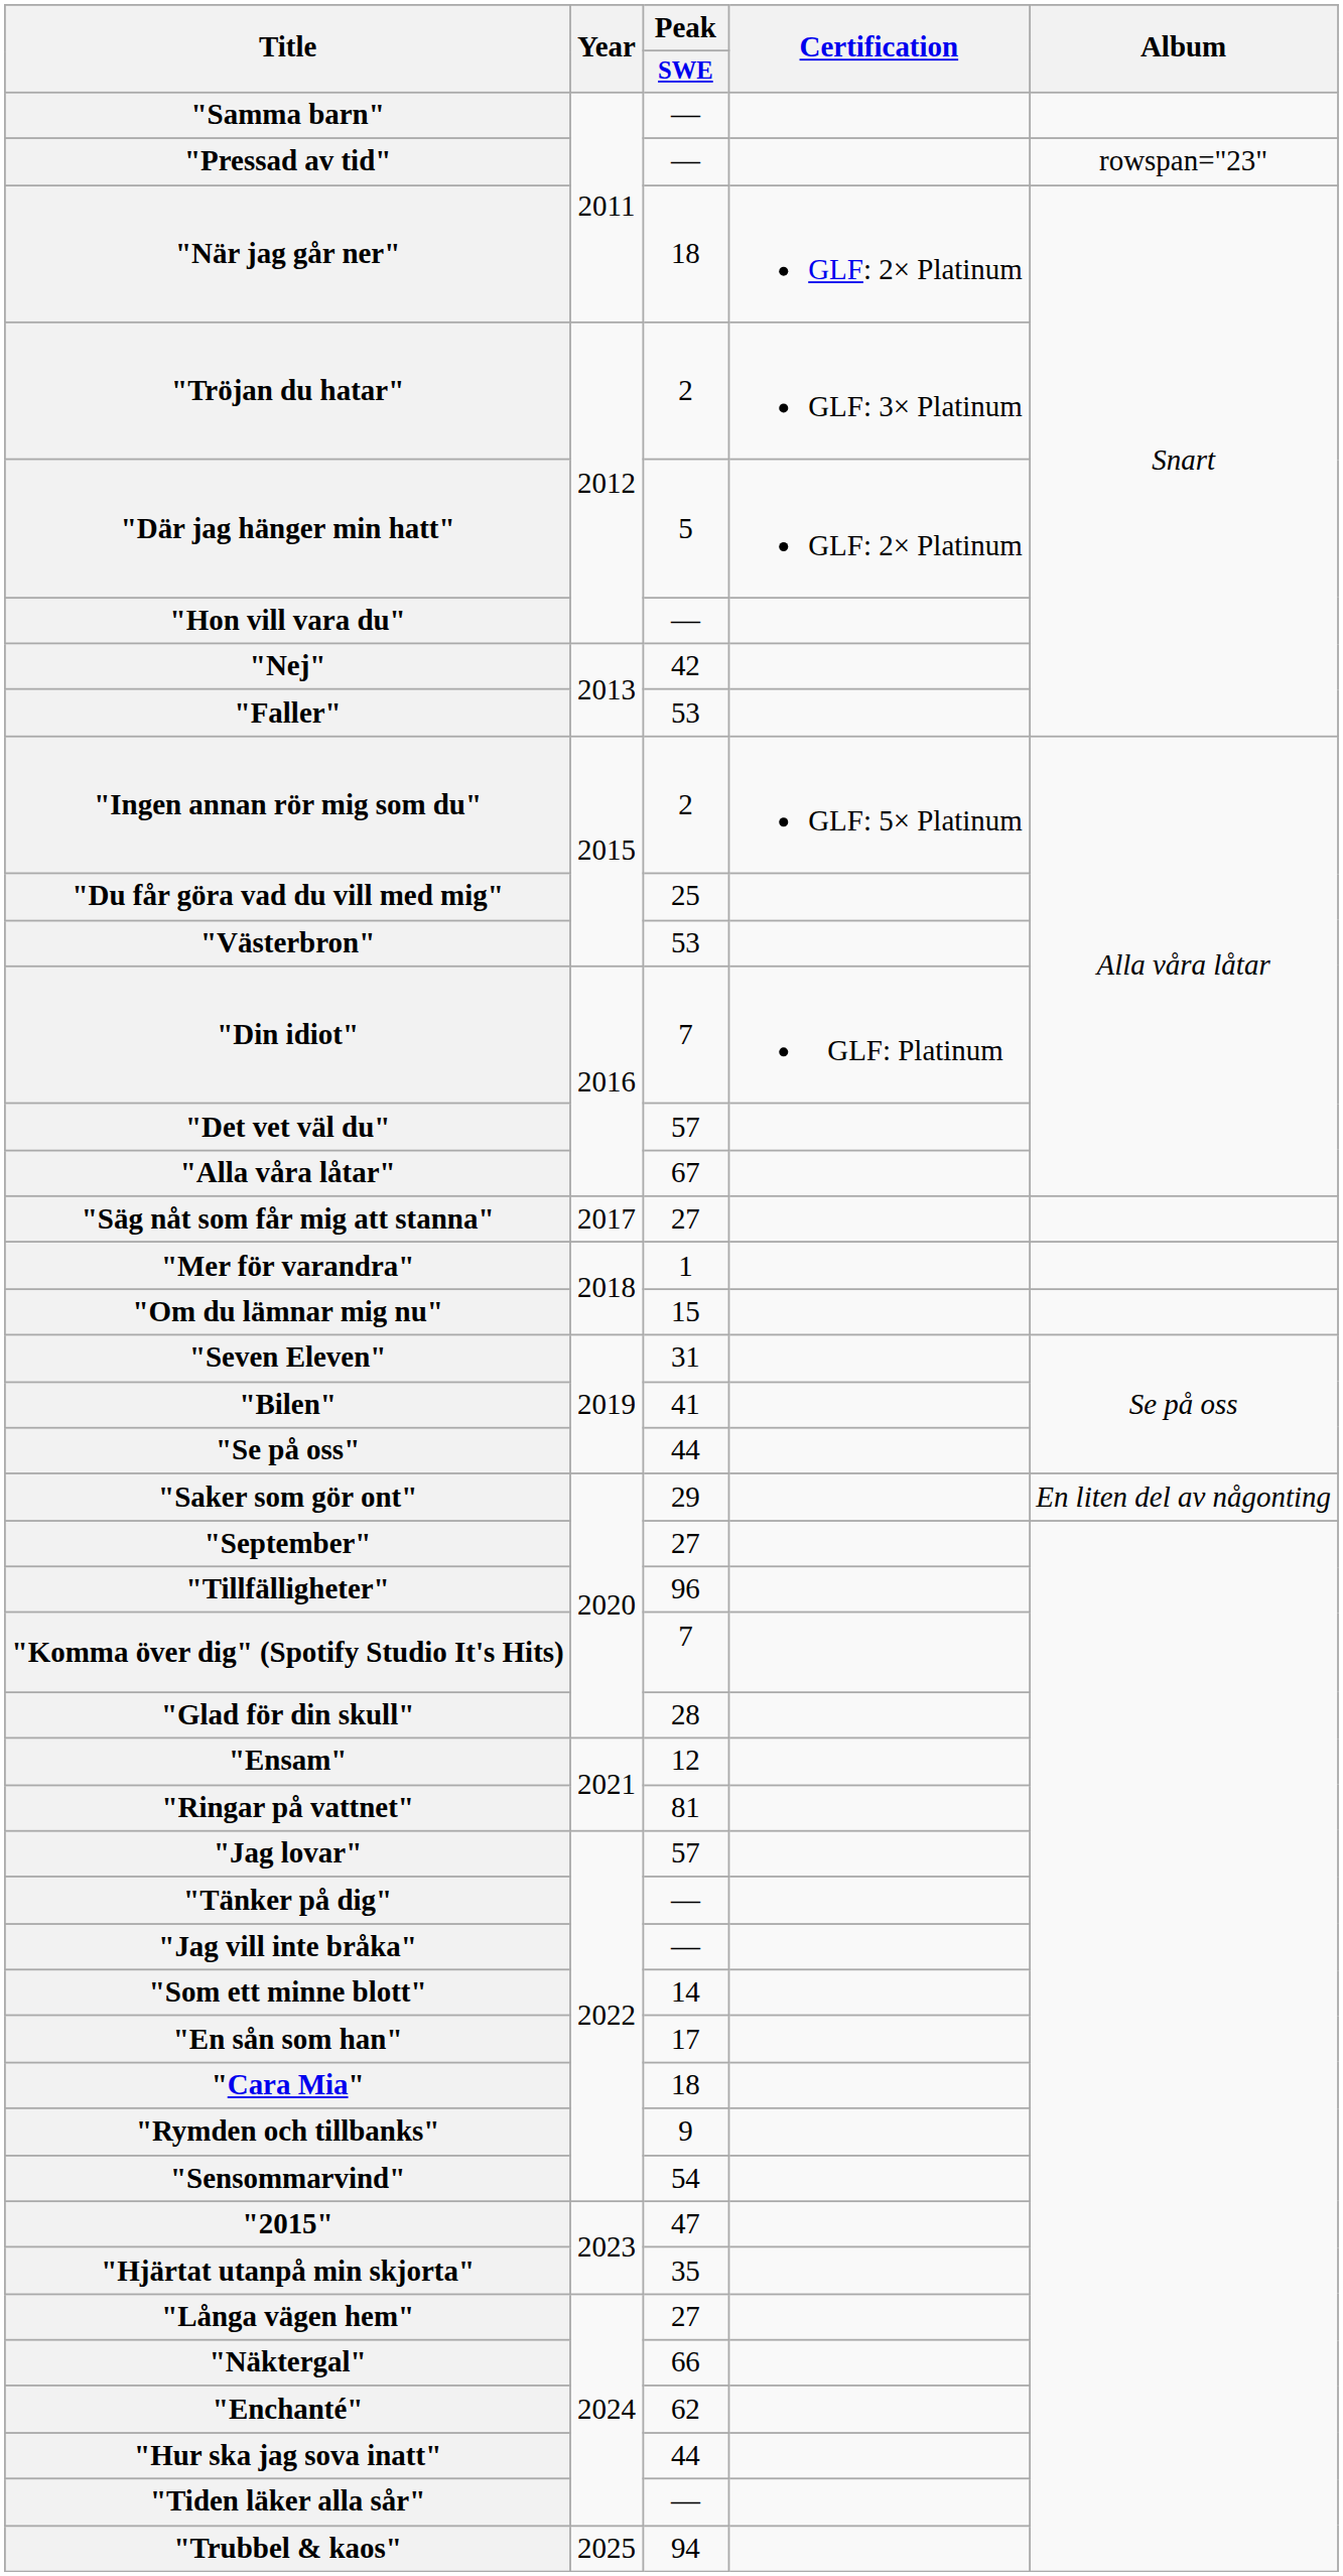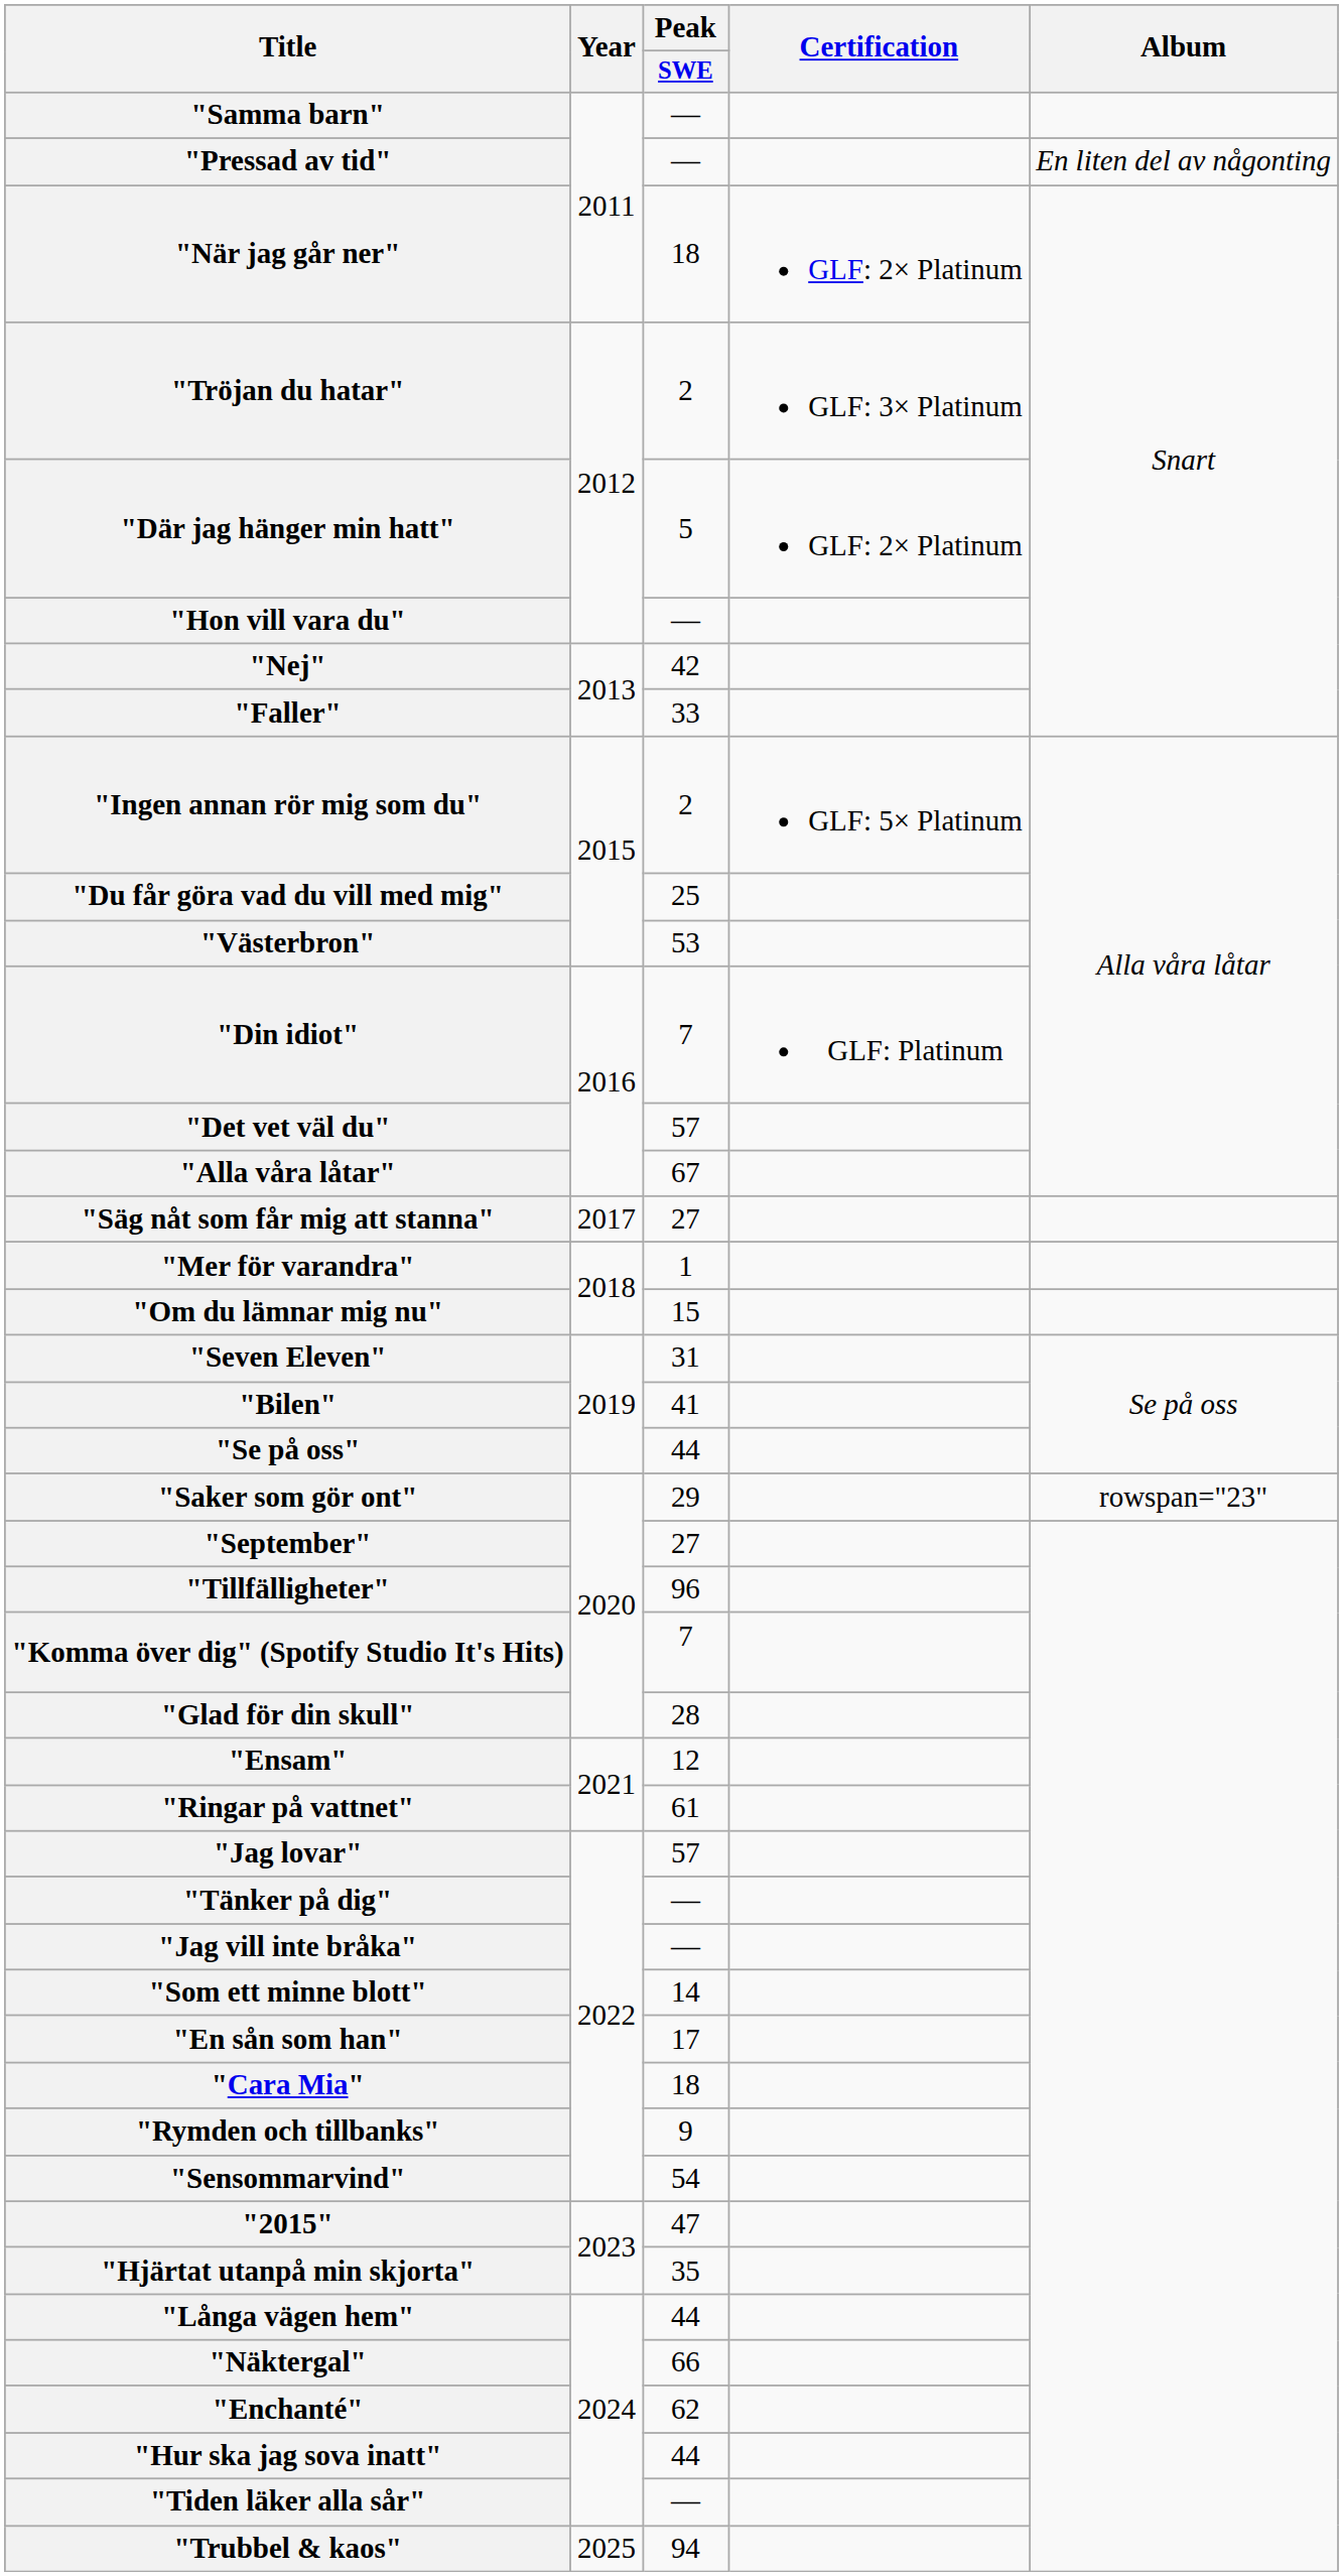 <table class="wikitable plainrowheaders" style="text-align:center;">
 <tr>
 <th scope="col" rowspan="2">Title</th>
 <th scope="col" rowspan="2">Year</th>
 <th scope="col" colspan="1">Peak</th>
 <th scope="col" rowspan="2"><a href='#'>Certification</a></th>
 <th scope="col" rowspan="2">Album</th>
 </tr>
 <tr>
 <th scope="col" style="width:3em;font-size:85%;"><a href='#'>SWE</a><br></th>
 </tr>
 <tr>
 <th scope="row">"Samma barn"</th>
 <td rowspan="3">2011</td>
 <td>—</td>
 <td></td>
 <td></td>
 </tr>
 <tr>
 <th scope="row">"Pressad av tid"</th>
 <td>—</td>
 <td></td>
-<td>rowspan="23" </td>
+<td><em>En liten del av någonting</em></td>
 </tr>
 <tr>
 <th scope="row">"När jag går ner"</th>
 <td>18</td>
 <td><br><ul><li><a href='#'>GLF</a>: 2× Platinum</li></ul></td>
 <td rowspan=6><em>Snart</em></td>
 </tr>
 <tr>
 <th scope="row">"Tröjan du hatar"</th>
 <td rowspan="3">2012</td>
 <td>2</td>
 <td><br><ul><li>GLF: 3× Platinum</li></ul></td>
 </tr>
 <tr>
 <th scope="row">"Där jag hänger min hatt"</th>
 <td>5</td>
 <td><br><ul><li>GLF: 2× Platinum</li></ul></td>
 </tr>
 <tr>
 <th scope="row">"Hon vill vara du"</th>
 <td>—</td>
 <td></td>
 </tr>
 <tr>
 <th scope="row">"Nej"</th>
 <td rowspan=2>2013</td>
 <td>42</td>
 <td></td>
 </tr>
 <tr>
 <th scope="row">"Faller"</th>
-<td>53</td>
+<td>33</td>
 <td></td>
 </tr>
 <tr>
 <th scope="row">"Ingen annan rör mig som du"</th>
 <td rowspan="3">2015</td>
 <td>2</td>
 <td><br><ul><li>GLF: 5× Platinum</li></ul></td>
 <td rowspan=6><em>Alla våra låtar</em></td>
 </tr>
 <tr>
 <th scope="row">"Du får göra vad du vill med mig"</th>
 <td>25</td>
 <td></td>
 </tr>
 <tr>
 <th scope="row">"Västerbron"</th>
 <td>53</td>
 <td></td>
 </tr>
 <tr>
 <th scope="row">"Din idiot"</th>
 <td rowspan="3">2016</td>
 <td>7</td>
 <td><br><ul><li>GLF: Platinum</li></ul></td>
 </tr>
 <tr>
 <th scope="row">"Det vet väl du"</th>
 <td>57</td>
 <td></td>
 </tr>
 <tr>
 <th scope="row">"Alla våra låtar"</th>
 <td>67</td>
 <td></td>
 </tr>
 <tr>
 <th scope="row">"Säg nåt som får mig att stanna"</th>
 <td>2017</td>
 <td>27</td>
 <td></td>
 <td></td>
 </tr>
 <tr>
 <th scope="row">"Mer för varandra"<br></th>
 <td rowspan="2">2018</td>
 <td>1<br></td>
 <td></td>
 <td></td>
 </tr>
 <tr>
 <th scope="row">"Om du lämnar mig nu"</th>
 <td>15</td>
 <td></td>
 <td></td>
 </tr>
 <tr>
 <th scope="row">"Seven Eleven"</th>
 <td align="center" rowspan="3">2019</td>
 <td>31</td>
 <td></td>
 <td rowspan=3><em>Se på oss</em></td>
 </tr>
 <tr>
 <th scope="row">"Bilen"</th>
 <td>41</td>
 <td></td>
 </tr>
 <tr>
 <th scope="row">"Se på oss"</th>
 <td>44</td>
 <td></td>
 </tr>
 <tr>
 <th scope="row">"Saker som gör ont"</th>
 <td rowspan="5">2020</td>
 <td>29</td>
 <td></td>
-<td><em>En liten del av någonting</em></td>
+<td>rowspan="23" </td>
 </tr>
 <tr>
 <th scope="row">"September"</th>
 <td>27</td>
 <td></td>
 </tr>
 <tr>
 <th scope="row">"Tillfälligheter"</th>
 <td>96</td>
 <td></td>
 </tr>
 <tr>
 <th scope="row">"Komma över dig" (Spotify Studio It's Hits)<br></th>
 <td>7<br><br></td>
 <td></td>
 </tr>
 <tr>
 <th scope="row">"Glad för din skull"</th>
 <td>28</td>
 <td></td>
 </tr>
 <tr>
 <th scope="row">"Ensam"</th>
 <td rowspan="2">2021</td>
 <td>12<br></td>
 <td></td>
 </tr>
 <tr>
 <th scope="row">"Ringar på vattnet"</th>
-<td>81<br></td>
+<td>61<br></td>
 <td></td>
 </tr>
 <tr>
 <th scope="row">"Jag lovar"</th>
 <td rowspan="8">2022</td>
 <td>57<br></td>
 <td></td>
 </tr>
 <tr>
 <th scope="row">"Tänker på dig"</th>
 <td>—</td>
 <td></td>
 </tr>
 <tr>
 <th scope="row">"Jag vill inte bråka"</th>
 <td>—</td>
 <td></td>
 </tr>
 <tr>
 <th scope="row">"Som ett minne blott"<br></th>
 <td>14<br></td>
 <td></td>
 </tr>
 <tr>
 <th scope="row">"En sån som han"</th>
 <td>17<br></td>
 <td></td>
 </tr>
 <tr>
 <th scope="row">"<a href='#'>Cara Mia</a>"</th>
 <td>18<br></td>
 <td></td>
 </tr>
 <tr>
 <th scope="row">"Rymden och tillbanks"<br></th>
 <td>9<br></td>
 <td></td>
 </tr>
 <tr>
 <th scope="row">"Sensommarvind"</th>
 <td>54<br></td>
 <td></td>
 </tr>
 <tr>
 <th scope="row">"2015"</th>
 <td rowspan="2">2023</td>
 <td>47<br></td>
 <td></td>
 </tr>
 <tr>
 <th scope="row">"Hjärtat utanpå min skjorta"</th>
 <td>35<br></td>
 <td></td>
 </tr>
 <tr>
 <th scope="row">"Långa vägen hem"</th>
 <td rowspan="5">2024</td>
-<td>27<br></td>
+<td>44<br></td>
 <td></td>
 </tr>
 <tr>
 <th scope="row">"Näktergal"</th>
 <td>66<br></td>
 <td></td>
 </tr>
 <tr>
 <th scope="row">"Enchanté"<br></th>
 <td>62<br></td>
 <td></td>
 </tr>
 <tr>
 <th scope="row">"Hur ska jag sova inatt"</th>
 <td>44<br></td>
 <td></td>
 </tr>
 <tr>
 <th scope="row">"Tiden läker alla sår"</th>
 <td>—</td>
 <td></td>
 </tr>
 <tr>
 <th scope="row">"Trubbel & kaos"</th>
 <td>2025</td>
 <td>94<br></td>
 <td></td>
 </tr>
 </table>
